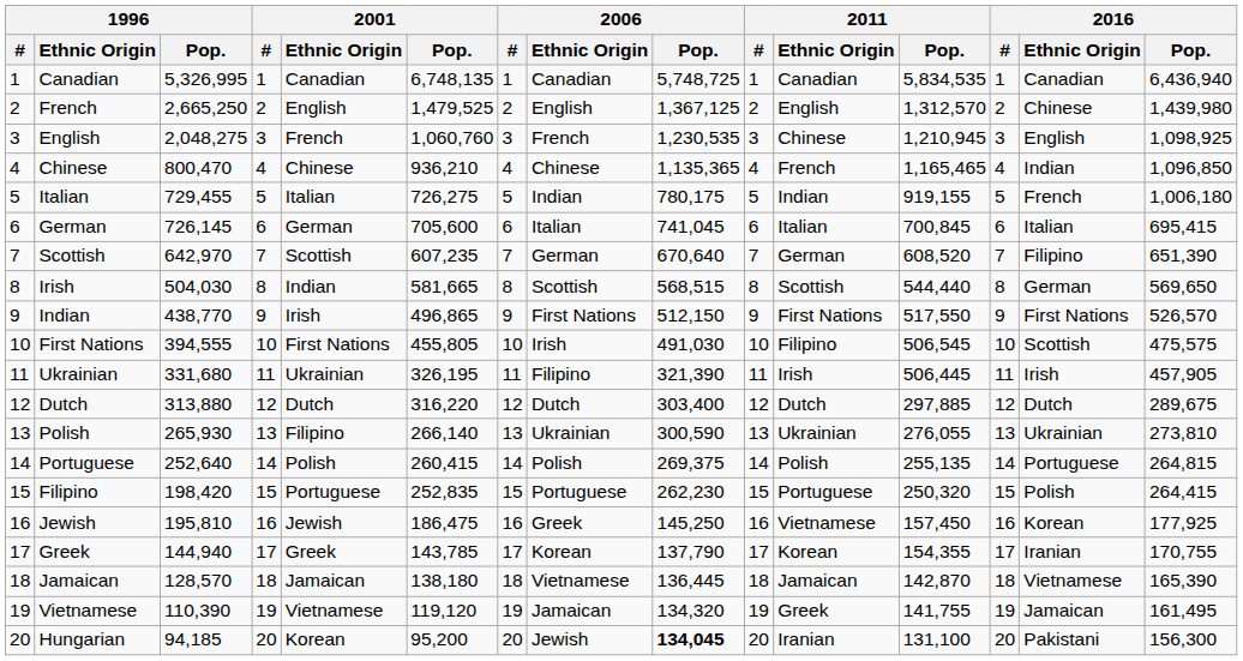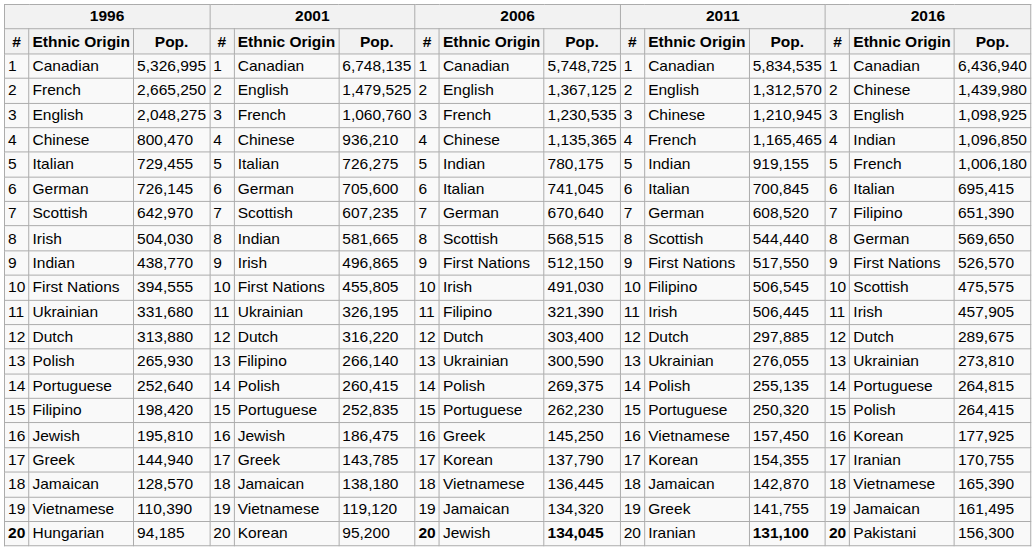 <table class="wikitable sortable sticky-header-multi" style=text-align:center" style="margin:1em auto;">
 <tr>
 <th colspan="3">1996</th>
 <th colspan="3">2001</th>
 <th colspan="3">2006</th>
 <th colspan="3">2011</th>
 <th colspan="3">2016</th>
 </tr>
 <tr>
 <th>#</th>
 <th>Ethnic Origin</th>
 <th>Pop.</th>
 <th>#</th>
 <th>Ethnic Origin</th>
 <th>Pop.</th>
 <th>#</th>
 <th>Ethnic Origin</th>
 <th>Pop.</th>
 <th>#</th>
 <th>Ethnic Origin</th>
 <th>Pop.</th>
 <th>#</th>
 <th>Ethnic Origin</th>
 <th>Pop.</th>
 </tr>
 <tr>
 <td>1</td>
 <td>Canadian</td>
 <td>5,326,995</td>
 <td>1</td>
 <td>Canadian</td>
 <td>6,748,135</td>
 <td>1</td>
 <td>Canadian</td>
 <td>5,748,725</td>
 <td>1</td>
 <td>Canadian</td>
 <td>5,834,535</td>
 <td>1</td>
 <td>Canadian</td>
 <td>6,436,940</td>
 </tr>
 <tr>
 <td>2</td>
 <td>French</td>
 <td>2,665,250</td>
 <td>2</td>
 <td>English</td>
 <td>1,479,525</td>
 <td>2</td>
 <td>English</td>
 <td>1,367,125</td>
 <td>2</td>
 <td>English</td>
 <td>1,312,570</td>
 <td>2</td>
 <td>Chinese</td>
 <td>1,439,980</td>
 </tr>
 <tr>
 <td>3</td>
 <td>English</td>
 <td>2,048,275</td>
 <td>3</td>
 <td>French</td>
 <td>1,060,760</td>
 <td>3</td>
 <td>French</td>
 <td>1,230,535</td>
 <td>3</td>
 <td>Chinese</td>
 <td>1,210,945</td>
 <td>3</td>
 <td>English</td>
 <td>1,098,925</td>
 </tr>
 <tr>
 <td>4</td>
 <td>Chinese</td>
 <td>800,470</td>
 <td>4</td>
 <td>Chinese</td>
 <td>936,210</td>
 <td>4</td>
 <td>Chinese</td>
 <td>1,135,365</td>
 <td>4</td>
 <td>French</td>
 <td>1,165,465</td>
 <td>4</td>
 <td>Indian</td>
 <td>1,096,850</td>
 </tr>
 <tr>
 <td>5</td>
 <td>Italian</td>
 <td>729,455</td>
 <td>5</td>
 <td>Italian</td>
 <td>726,275</td>
 <td>5</td>
 <td>Indian</td>
 <td>780,175</td>
 <td>5</td>
 <td>Indian</td>
 <td>919,155</td>
 <td>5</td>
 <td>French</td>
 <td>1,006,180</td>
 </tr>
 <tr>
 <td>6</td>
 <td>German</td>
 <td>726,145</td>
 <td>6</td>
 <td>German</td>
 <td>705,600</td>
 <td>6</td>
 <td>Italian</td>
 <td>741,045</td>
 <td>6</td>
 <td>Italian</td>
 <td>700,845</td>
 <td>6</td>
 <td>Italian</td>
 <td>695,415</td>
 </tr>
 <tr>
 <td>7</td>
 <td>Scottish</td>
 <td>642,970</td>
 <td>7</td>
 <td>Scottish</td>
 <td>607,235</td>
 <td>7</td>
 <td>German</td>
 <td>670,640</td>
 <td>7</td>
 <td>German</td>
 <td>608,520</td>
 <td>7</td>
 <td>Filipino</td>
 <td>651,390</td>
 </tr>
 <tr>
 <td>8</td>
 <td>Irish</td>
 <td>504,030</td>
 <td>8</td>
 <td>Indian</td>
 <td>581,665</td>
 <td>8</td>
 <td>Scottish</td>
 <td>568,515</td>
 <td>8</td>
 <td>Scottish</td>
 <td>544,440</td>
 <td>8</td>
 <td>German</td>
 <td>569,650</td>
 </tr>
 <tr>
 <td>9</td>
 <td>Indian</td>
 <td>438,770</td>
 <td>9</td>
 <td>Irish</td>
 <td>496,865</td>
 <td>9</td>
 <td>First Nations</td>
 <td>512,150</td>
 <td>9</td>
 <td>First Nations</td>
 <td>517,550</td>
 <td>9</td>
 <td>First Nations</td>
 <td>526,570</td>
 </tr>
 <tr>
 <td>10</td>
 <td>First Nations</td>
 <td>394,555</td>
 <td>10</td>
 <td>First Nations</td>
 <td>455,805</td>
 <td>10</td>
 <td>Irish</td>
 <td>491,030</td>
 <td>10</td>
 <td>Filipino</td>
 <td>506,545</td>
 <td>10</td>
 <td>Scottish</td>
 <td>475,575</td>
 </tr>
 <tr>
 <td>11</td>
 <td>Ukrainian</td>
 <td>331,680</td>
 <td>11</td>
 <td>Ukrainian</td>
 <td>326,195</td>
 <td>11</td>
 <td>Filipino</td>
 <td>321,390</td>
 <td>11</td>
 <td>Irish</td>
 <td>506,445</td>
 <td>11</td>
 <td>Irish</td>
 <td>457,905</td>
 </tr>
 <tr>
 <td>12</td>
 <td>Dutch</td>
 <td>313,880</td>
 <td>12</td>
 <td>Dutch</td>
 <td>316,220</td>
 <td>12</td>
 <td>Dutch</td>
 <td>303,400</td>
 <td>12</td>
 <td>Dutch</td>
 <td>297,885</td>
 <td>12</td>
 <td>Dutch</td>
 <td>289,675</td>
 </tr>
 <tr>
 <td>13</td>
 <td>Polish</td>
 <td>265,930</td>
 <td>13</td>
 <td>Filipino</td>
 <td>266,140</td>
 <td>13</td>
 <td>Ukrainian</td>
 <td>300,590</td>
 <td>13</td>
 <td>Ukrainian</td>
 <td>276,055</td>
 <td>13</td>
 <td>Ukrainian</td>
 <td>273,810</td>
 </tr>
 <tr>
 <td>14</td>
 <td>Portuguese</td>
 <td>252,640</td>
 <td>14</td>
 <td>Polish</td>
 <td>260,415</td>
 <td>14</td>
 <td>Polish</td>
 <td>269,375</td>
 <td>14</td>
 <td>Polish</td>
 <td>255,135</td>
 <td>14</td>
 <td>Portuguese</td>
 <td>264,815</td>
 </tr>
 <tr>
 <td>15</td>
 <td>Filipino</td>
 <td>198,420</td>
 <td>15</td>
 <td>Portuguese</td>
 <td>252,835</td>
 <td>15</td>
 <td>Portuguese</td>
 <td>262,230</td>
 <td>15</td>
 <td>Portuguese</td>
 <td>250,320</td>
 <td>15</td>
 <td>Polish</td>
 <td>264,415</td>
 </tr>
 <tr>
 <td>16</td>
 <td>Jewish</td>
 <td>195,810</td>
 <td>16</td>
 <td>Jewish</td>
 <td>186,475</td>
 <td>16</td>
 <td>Greek</td>
 <td>145,250</td>
 <td>16</td>
 <td>Vietnamese</td>
 <td>157,450</td>
 <td>16</td>
 <td>Korean</td>
 <td>177,925</td>
 </tr>
 <tr>
 <td>17</td>
 <td>Greek</td>
 <td>144,940</td>
 <td>17</td>
 <td>Greek</td>
 <td>143,785</td>
 <td>17</td>
 <td>Korean</td>
 <td>137,790</td>
 <td>17</td>
 <td>Korean</td>
 <td>154,355</td>
 <td>17</td>
 <td>Iranian</td>
 <td>170,755</td>
 </tr>
 <tr>
 <td>18</td>
 <td>Jamaican</td>
 <td>128,570</td>
 <td>18</td>
 <td>Jamaican</td>
 <td>138,180</td>
 <td>18</td>
 <td>Vietnamese</td>
 <td>136,445</td>
 <td>18</td>
 <td>Jamaican</td>
 <td>142,870</td>
 <td>18</td>
 <td>Vietnamese</td>
 <td>165,390</td>
 </tr>
 <tr>
 <td>19</td>
 <td>Vietnamese</td>
 <td>110,390</td>
 <td>19</td>
 <td>Vietnamese</td>
 <td>119,120</td>
 <td>19</td>
 <td>Jamaican</td>
 <td>134,320</td>
 <td>19</td>
 <td>Greek</td>
 <td>141,755</td>
 <td>19</td>
 <td>Jamaican</td>
 <td>161,495</td>
 </tr>
 <tr>
-<td>20</td>
+<td><strong>20</strong></td>
 <td>Hungarian</td>
 <td>94,185</td>
 <td>20</td>
 <td>Korean</td>
 <td>95,200</td>
-<td>20</td>
+<td><strong>20</strong></td>
 <td>Jewish</td>
 <td><strong>134,045</strong></td>
 <td>20</td>
 <td>Iranian</td>
-<td>131,100</td>
-<td>20</td>
+<td><strong>131,100</strong></td>
+<td><strong>20</strong></td>
 <td>Pakistani</td>
 <td>156,300</td>
 </tr>
 </table>
